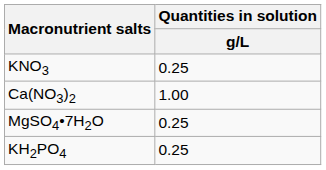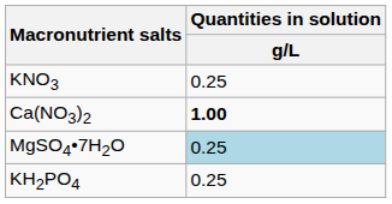 <table class="wikitable">
 <tr>
 <th rowspan=2>Macronutrient salts</th>
 <th colspan=2>Quantities in solution</th>
 </tr>
 <tr>
 <th>g/L</th>
 </tr>
 <tr>
 <td>KNO<sub>3</sub></td>
 <td>0.25</td>
 </tr>
 <tr>
 <td>Ca(NO<sub>3</sub>)<sub>2</sub></td>
-<td>1.00</td>
+<td><strong>1.00</strong></td>
 </tr>
 <tr>
 <td>MgSO<sub>4</sub>•7H<sub>2</sub>O</td>
-<td>0.25</td>
+<td style="background: lightblue;">0.25</td>
 </tr>
 <tr>
 <td>KH<sub>2</sub>PO<sub>4</sub></td>
 <td>0.25</td>
 </tr>
 </table>
